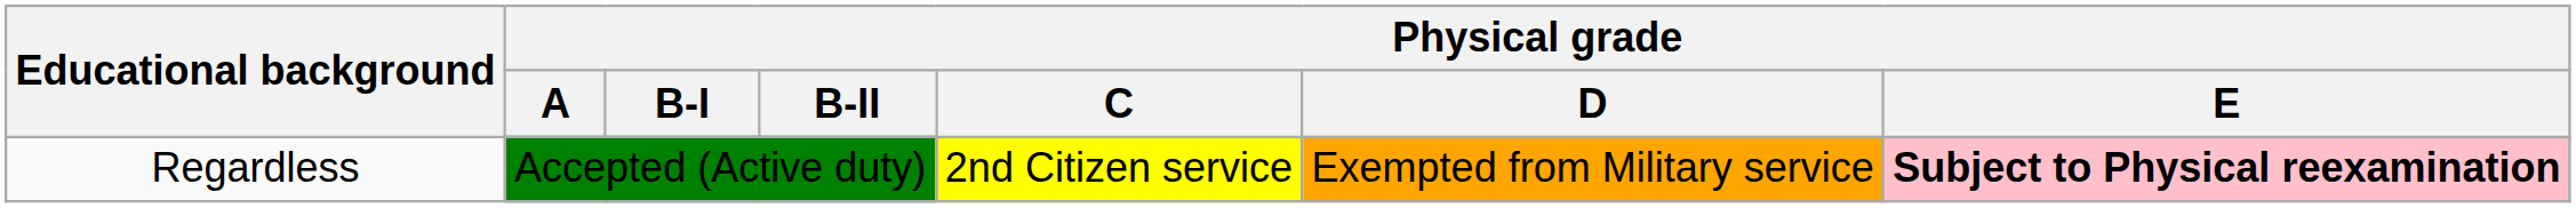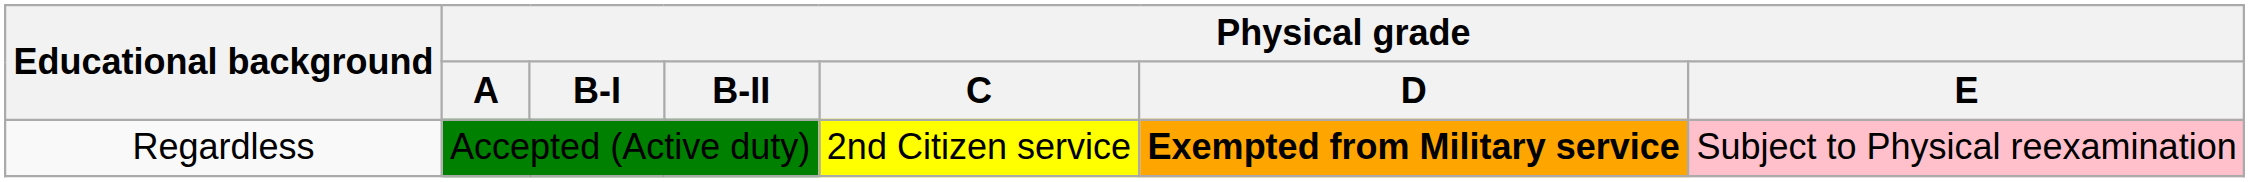 <table class="wikitable">
 <tr>
 <th rowspan="2">Educational background</th>
 <th colspan="6">Physical grade</th>
 </tr>
 <tr>
 <th>A</th>
 <th>B-I</th>
 <th>B-II</th>
 <th>C</th>
 <th>D</th>
 <th>E</th>
 </tr>
 <tr>
 <td div style="text-align:center">Regardless</td>
 <td colspan="3" div style="background:green; text-align:center;">Accepted (Active duty)</td>
 <td div style="background:yellow; text-align:center;">2nd Citizen service</td>
-<td div style="background:orange; text-align:center;">Exempted from Military service</td>
-<td div style="background:pink; text-align:center;"><strong>Subject to Physical reexamination</strong></td>
+<td div style="background:orange; text-align:center;"><strong>Exempted from Military service</strong></td>
+<td div style="background:pink; text-align:center;">Subject to Physical reexamination</td>
 </tr>
 </table>
